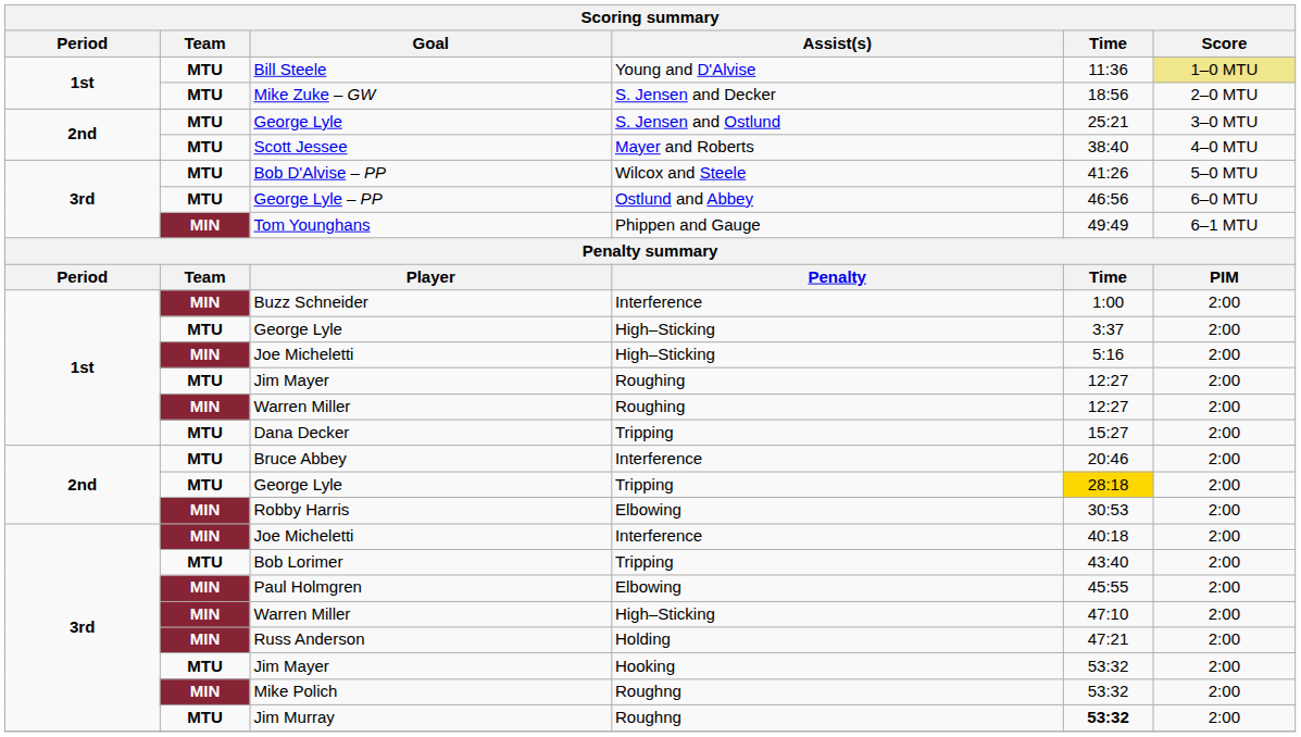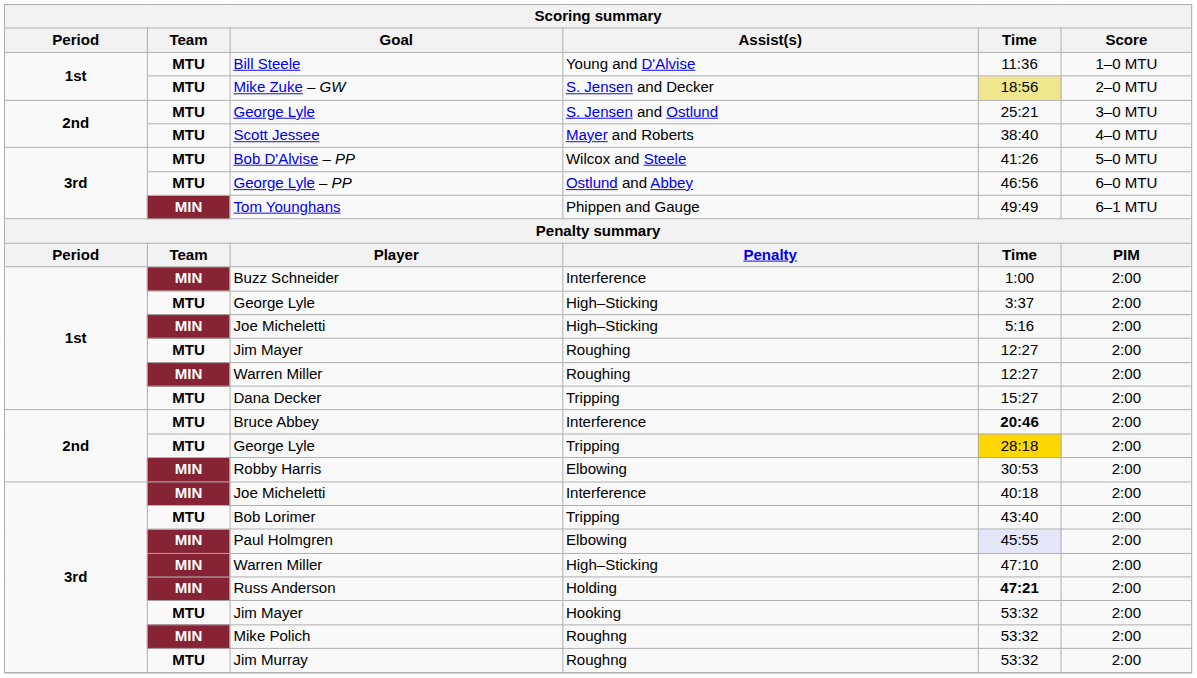 <table style="width:100%;" class="wikitable">
 <tr>
 <th colspan=6>Scoring summary</th>
 </tr>
 <tr>
 <th style="width:12%;">Period</th>
 <th style="width:7%;">Team</th>
 <th style="width:28%;">Goal</th>
 <th style="width:35%;">Assist(s)</th>
 <th style="width:7%;">Time</th>
 <th style="width:11%;">Score</th>
 </tr>
 <tr>
 <td style="text-align:center;" rowspan="2"><strong>1st</strong></td>
 <td align=center><strong>MTU</strong></td>
 <td><a href='#'>Bill Steele</a></td>
 <td>Young and <a href='#'>D'Alvise</a></td>
 <td align=center>11:36</td>
-<td align=center style="background: khaki;">1–0 MTU</td>
+<td align=center>1–0 MTU</td>
 </tr>
 <tr>
 <td align=center><strong>MTU</strong></td>
 <td><a href='#'>Mike Zuke</a> – <em>GW</em></td>
 <td><a href='#'>S. Jensen</a> and Decker</td>
-<td align=center>18:56</td>
+<td align=center style="background: khaki;">18:56</td>
 <td align=center>2–0 MTU</td>
 </tr>
 <tr>
 <td style="text-align:center;" rowspan="2"><strong>2nd</strong></td>
 <td align=center><strong>MTU</strong></td>
 <td><a href='#'>George Lyle</a></td>
 <td><a href='#'>S. Jensen</a> and <a href='#'>Ostlund</a></td>
 <td align=center>25:21</td>
 <td align=center>3–0 MTU</td>
 </tr>
 <tr>
 <td align=center><strong>MTU</strong></td>
 <td><a href='#'>Scott Jessee</a></td>
 <td><a href='#'>Mayer</a> and Roberts</td>
 <td align=center>38:40</td>
 <td align=center>4–0 MTU</td>
 </tr>
 <tr>
 <td style="text-align:center;" rowspan="3"><strong>3rd</strong></td>
 <td align=center><strong>MTU</strong></td>
 <td><a href='#'>Bob D'Alvise</a> – <em>PP</em></td>
 <td>Wilcox and <a href='#'>Steele</a></td>
 <td align=center>41:26</td>
 <td align=center>5–0 MTU</td>
 </tr>
 <tr>
 <td align=center><strong>MTU</strong></td>
 <td><a href='#'>George Lyle</a> – <em>PP</em></td>
 <td><a href='#'>Ostlund</a> and <a href='#'>Abbey</a></td>
 <td align=center>46:56</td>
 <td align=center>6–0 MTU</td>
 </tr>
 <tr>
 <td align=center style="color:white; background:#862334; "><strong>MIN</strong></td>
 <td><a href='#'>Tom Younghans</a></td>
 <td>Phippen and Gauge</td>
 <td align=center>49:49</td>
 <td align=center>6–1 MTU</td>
 </tr>
 <tr>
 <th colspan=6>Penalty summary</th>
 </tr>
 <tr>
 <th style="width:12%;">Period</th>
 <th style="width:7%;">Team</th>
 <th style="width:28%;">Player</th>
 <th style="width:35%;"><a href='#'>Penalty</a></th>
 <th style="width:7%;">Time</th>
 <th style="width:11%;">PIM</th>
 </tr>
 <tr>
 <td style="text-align:center;" rowspan="6"><strong>1st</strong></td>
 <td align=center style="color:white; background:#862334; "><strong>MIN</strong></td>
 <td>Buzz Schneider</td>
 <td>Interference</td>
 <td align=center>1:00</td>
 <td align=center>2:00</td>
 </tr>
 <tr>
 <td align=center><strong>MTU</strong></td>
 <td>George Lyle</td>
 <td>High–Sticking</td>
 <td align=center>3:37</td>
 <td align=center>2:00</td>
 </tr>
 <tr>
 <td align=center style="color:white; background:#862334; "><strong>MIN</strong></td>
 <td>Joe Micheletti</td>
 <td>High–Sticking</td>
 <td align=center>5:16</td>
 <td align=center>2:00</td>
 </tr>
 <tr>
 <td align=center><strong>MTU</strong></td>
 <td>Jim Mayer</td>
 <td>Roughing</td>
 <td align=center>12:27</td>
 <td align=center>2:00</td>
 </tr>
 <tr>
 <td align=center style="color:white; background:#862334; "><strong>MIN</strong></td>
 <td>Warren Miller</td>
 <td>Roughing</td>
 <td align=center>12:27</td>
 <td align=center>2:00</td>
 </tr>
 <tr>
 <td align=center><strong>MTU</strong></td>
 <td>Dana Decker</td>
 <td>Tripping</td>
 <td align=center>15:27</td>
 <td align=center>2:00</td>
 </tr>
 <tr>
 <td style="text-align:center;" rowspan="3"><strong>2nd</strong></td>
 <td align=center><strong>MTU</strong></td>
 <td>Bruce Abbey</td>
 <td>Interference</td>
-<td align=center>20:46</td>
+<td align=center><strong>20:46</strong></td>
 <td align=center>2:00</td>
 </tr>
 <tr>
 <td align=center><strong>MTU</strong></td>
 <td>George Lyle</td>
 <td>Tripping</td>
 <td align=center style="background: gold;">28:18</td>
 <td align=center>2:00</td>
 </tr>
 <tr>
 <td align=center style="color:white; background:#862334; "><strong>MIN</strong></td>
 <td>Robby Harris</td>
 <td>Elbowing</td>
 <td align=center>30:53</td>
 <td align=center>2:00</td>
 </tr>
 <tr>
 <td style="text-align:center;" rowspan="8"><strong>3rd</strong></td>
 <td align=center style="color:white; background:#862334; "><strong>MIN</strong></td>
 <td>Joe Micheletti</td>
 <td>Interference</td>
 <td align=center>40:18</td>
 <td align=center>2:00</td>
 </tr>
 <tr>
 <td align=center><strong>MTU</strong></td>
 <td>Bob Lorimer</td>
 <td>Tripping</td>
 <td align=center>43:40</td>
 <td align=center>2:00</td>
 </tr>
 <tr>
 <td align=center style="color:white; background:#862334; "><strong>MIN</strong></td>
 <td>Paul Holmgren</td>
 <td>Elbowing</td>
-<td align=center>45:55</td>
+<td align=center style="background: lavender;">45:55</td>
 <td align=center>2:00</td>
 </tr>
 <tr>
 <td align=center style="color:white; background:#862334; "><strong>MIN</strong></td>
 <td>Warren Miller</td>
 <td>High–Sticking</td>
 <td align=center>47:10</td>
 <td align=center>2:00</td>
 </tr>
 <tr>
 <td align=center style="color:white; background:#862334; "><strong>MIN</strong></td>
 <td>Russ Anderson</td>
 <td>Holding</td>
-<td align=center>47:21</td>
+<td align=center><strong>47:21</strong></td>
 <td align=center>2:00</td>
 </tr>
 <tr>
 <td align=center><strong>MTU</strong></td>
 <td>Jim Mayer</td>
 <td>Hooking</td>
 <td align=center>53:32</td>
 <td align=center>2:00</td>
 </tr>
 <tr>
 <td align=center style="color:white; background:#862334; "><strong>MIN</strong></td>
 <td>Mike Polich</td>
 <td>Roughng</td>
 <td align=center>53:32</td>
 <td align=center>2:00</td>
 </tr>
 <tr>
 <td align=center><strong>MTU</strong></td>
 <td>Jim Murray</td>
 <td>Roughng</td>
-<td align=center><strong>53:32</strong></td>
+<td align=center>53:32</td>
 <td align=center>2:00</td>
 </tr>
 <tr>
 </tr>
 </table>
